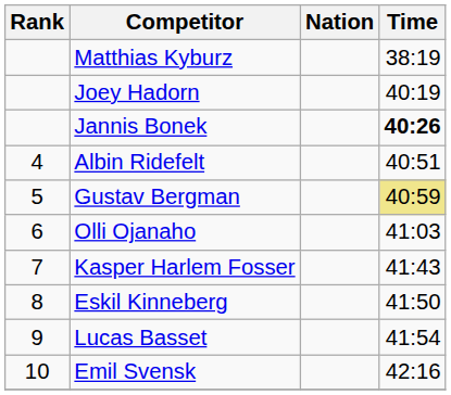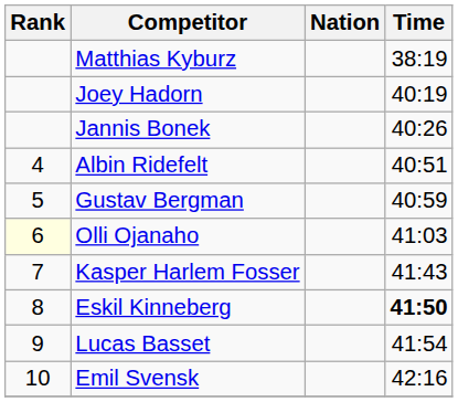 <table class="wikitable sortable" style="text-align:left">
 <tr>
 <th data-sort-type="number">Rank</th>
 <th class="unsortable">Competitor</th>
 <th>Nation</th>
 <th>Time</th>
 </tr>
 <tr>
 <td style="text-align:center"></td>
 <td><a href='#'>Matthias Kyburz</a></td>
 <td></td>
 <td style="text-align:right">38:19</td>
 </tr>
 <tr>
 <td style="text-align:center"></td>
 <td><a href='#'>Joey Hadorn</a></td>
 <td></td>
 <td style="text-align:right">40:19</td>
 </tr>
 <tr>
 <td style="text-align:center"></td>
 <td><a href='#'>Jannis Bonek</a></td>
 <td></td>
-<td style="text-align:right"><strong>40:26</strong></td>
+<td style="text-align:right">40:26</td>
 </tr>
 <tr>
 <td style="text-align:center">4</td>
 <td><a href='#'>Albin Ridefelt</a></td>
 <td></td>
 <td style="text-align:right">40:51</td>
 </tr>
 <tr>
 <td style="text-align:center">5</td>
 <td><a href='#'>Gustav Bergman</a></td>
 <td></td>
-<td style="background: khaki; text-align:right">40:59</td>
+<td style="text-align:right">40:59</td>
 </tr>
 <tr>
-<td style="text-align:center">6</td>
+<td style="background: lightyellow; text-align:center">6</td>
 <td><a href='#'>Olli Ojanaho</a></td>
 <td></td>
 <td style="text-align:right">41:03</td>
 </tr>
 <tr>
 <td style="text-align:center">7</td>
 <td><a href='#'>Kasper Harlem Fosser</a></td>
 <td></td>
 <td style="text-align:right">41:43</td>
 </tr>
 <tr>
 <td style="text-align:center">8</td>
 <td><a href='#'>Eskil Kinneberg</a></td>
 <td></td>
-<td style="text-align:right">41:50</td>
+<td style="text-align:right"><strong>41:50</strong></td>
 </tr>
 <tr>
 <td style="text-align:center">9</td>
 <td><a href='#'>Lucas Basset</a></td>
 <td></td>
 <td style="text-align:right">41:54</td>
 </tr>
 <tr>
 <td style="text-align:center">10</td>
 <td><a href='#'>Emil Svensk</a></td>
 <td></td>
 <td style="text-align:right">42:16</td>
 </tr>
 <tr>
 </tr>
 </table>
